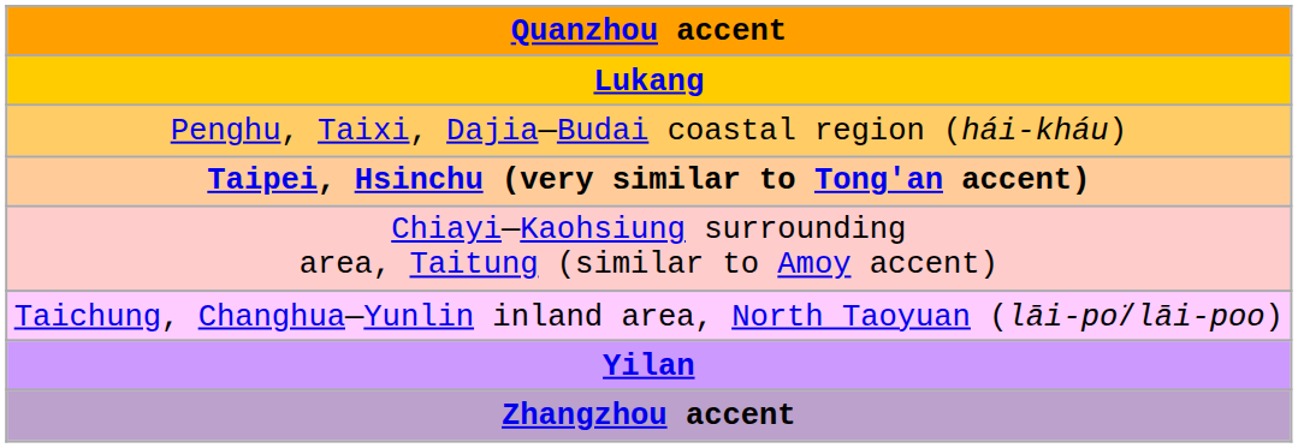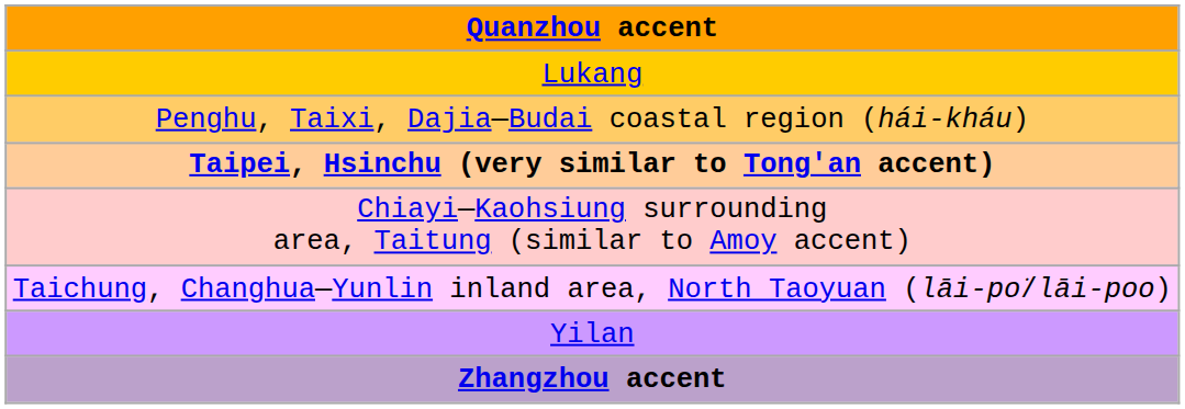 <table class="wikitable" style="text-align:center; margin:1em auto 1em auto">
 <tr>
 <th style="background:#FFA000; color:black"><a href='#'>Quanzhou</a> accent</th>
 </tr>
 <tr>
-<td style="background:#fc0;"><strong><a href='#'>Lukang</a></strong></td>
+<td style="background:#fc0;"><a href='#'>Lukang</a></td>
 </tr>
 <tr>
 <td style="background:#fc6;"><a href='#'>Penghu</a>, <a href='#'>Taixi</a>, <a href='#'>Dajia</a>—<a href='#'>Budai</a> coastal region (<em>hái-kháu</em>)</td>
 </tr>
 <tr>
 <td style="background:#fc9;"><strong><a href='#'>Taipei</a>, <a href='#'>Hsinchu</a> (very similar to <a href='#'>Tong'an</a> accent)</strong></td>
 </tr>
 <tr>
 <td style="background:#fcc;"><a href='#'>Chiayi</a>—<a href='#'>Kaohsiung</a> surrounding<br>area, <a href='#'>Taitung</a> (similar to <a href='#'>Amoy</a> accent)</td>
 </tr>
 <tr>
 <td style="background:#fcf;"><a href='#'>Taichung</a>, <a href='#'>Changhua</a>—<a href='#'>Yunlin</a> inland area, <a href='#'>North Taoyuan</a> (<em>lāi-po͘</em>/<em>lāi-poo</em>)</td>
 </tr>
 <tr>
-<td style="background:#c9f;"><strong><a href='#'>Yilan</a></strong></td>
+<td style="background:#c9f;"><a href='#'>Yilan</a></td>
 </tr>
 <tr>
 <th style= "background:#BBA1CB; color:black"><a href='#'>Zhangzhou</a> accent</th>
 </tr>
 </table>
